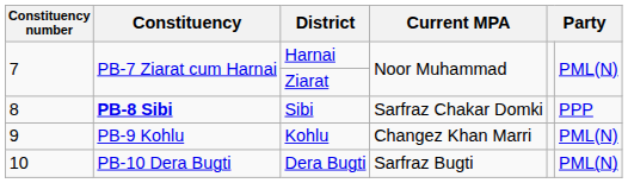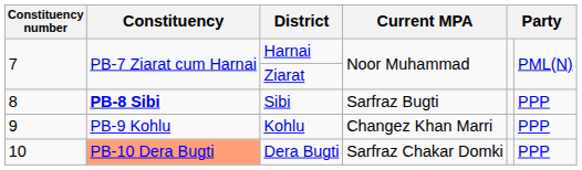 <table class="wikitable">
 <tr>
 <th width="50px" style="font-size:75%">Constituency number</th>
 <th>Constituency</th>
 <th>District</th>
 <th>Current MPA</th>
 <th colspan="2">Party</th>
 </tr>
 <tr>
 <td rowspan="2">7</td>
 <td rowspan="2"><a href='#'>PB-7 Ziarat cum Harnai</a></td>
 <td><a href='#'>Harnai</a></td>
 <td rowspan="2">Noor Muhammad</td>
 <td rowspan="2"></td>
 <td rowspan="2"><a href='#'>PML(N)</a></td>
 </tr>
 <tr>
 <td><a href='#'>Ziarat</a></td>
 </tr>
 <tr>
 <td>8</td>
 <td><strong><a href='#'>PB-8 Sibi</a></strong></td>
 <td><a href='#'>Sibi</a></td>
-<td>Sarfraz Chakar Domki</td>
+<td>Sarfraz Bugti</td>
 <td></td>
 <td><a href='#'>PPP</a></td>
 </tr>
 <tr>
 <td>9</td>
 <td><a href='#'>PB-9 Kohlu</a></td>
 <td><a href='#'>Kohlu</a></td>
 <td>Changez Khan Marri</td>
 <td></td>
-<td><a href='#'>PML(N)</a></td>
+<td><a href='#'>PPP</a></td>
 </tr>
 <tr>
 <td>10</td>
-<td><a href='#'>PB-10 Dera Bugti</a></td>
+<td style="background: lightsalmon;"><a href='#'>PB-10 Dera Bugti</a></td>
 <td><a href='#'>Dera Bugti</a></td>
-<td>Sarfraz Bugti</td>
+<td>Sarfraz Chakar Domki</td>
 <td></td>
-<td><a href='#'>PML(N)</a></td>
+<td><a href='#'>PPP</a></td>
 </tr>
 </table>
